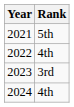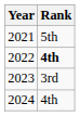 <table class="wikitable">
 <tr>
 <th>Year</th>
 <th>Rank</th>
 </tr>
 <tr>
 <td>2021</td>
 <td>5th</td>
 </tr>
 <tr>
 <td>2022</td>
-<td>4th</td>
+<td><strong>4th</strong></td>
 </tr>
 <tr>
 <td>2023</td>
 <td>3rd</td>
 </tr>
 <tr>
 <td>2024</td>
 <td>4th</td>
 </tr>
 </table>
